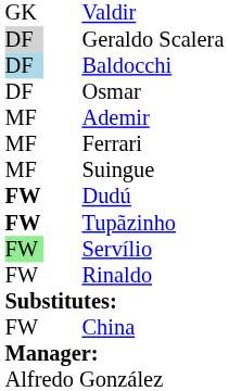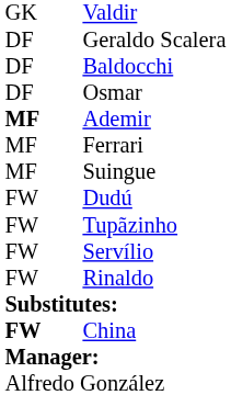 <table style="font-size:90%; margin:0.2em auto;" cellspacing="0" cellpadding="0">
 <tr>
 <th width="25"></th>
 <th width="25"></th>
 </tr>
 <tr>
 <td>GK</td>
 <td></td>
 <td> <a href='#'>Valdir</a></td>
 </tr>
 <tr>
-<td style="background: lightgrey;">DF</td>
+<td>DF</td>
 <td></td>
 <td> Geraldo Scalera</td>
 </tr>
 <tr>
-<td style="background: lightblue;">DF</td>
+<td>DF</td>
 <td></td>
 <td> <a href='#'>Baldocchi</a></td>
 </tr>
 <tr>
 <td>DF</td>
 <td></td>
 <td> Osmar</td>
 </tr>
 <tr>
-<td>MF</td>
+<td><strong>MF</strong></td>
 <td></td>
 <td> <a href='#'>Ademir</a></td>
 </tr>
 <tr>
 <td>MF</td>
 <td></td>
 <td> Ferrari</td>
 </tr>
 <tr>
 <td>MF</td>
 <td></td>
 <td> Suingue</td>
 </tr>
 <tr>
-<td><strong>FW</strong></td>
+<td>FW</td>
 <td></td>
 <td> <a href='#'>Dudú</a></td>
 </tr>
 <tr>
-<td><strong>FW</strong></td>
+<td>FW</td>
 <td></td>
 <td> <a href='#'>Tupãzinho</a></td>
 </tr>
 <tr>
-<td style="background: lightgreen;">FW</td>
+<td>FW</td>
 <td></td>
 <td> <a href='#'>Servílio</a> </td>
 </tr>
 <tr>
 <td>FW</td>
 <td></td>
 <td> <a href='#'>Rinaldo</a></td>
 </tr>
 <tr>
 <td colspan=3><strong>Substitutes:</strong></td>
 </tr>
 <tr>
-<td>FW</td>
+<td><strong>FW</strong></td>
 <td></td>
 <td> <a href='#'>China</a> </td>
 </tr>
 <tr>
 <td colspan=3><strong>Manager:</strong></td>
 </tr>
 <tr>
 <td colspan=4> Alfredo González</td>
 </tr>
 </table>
